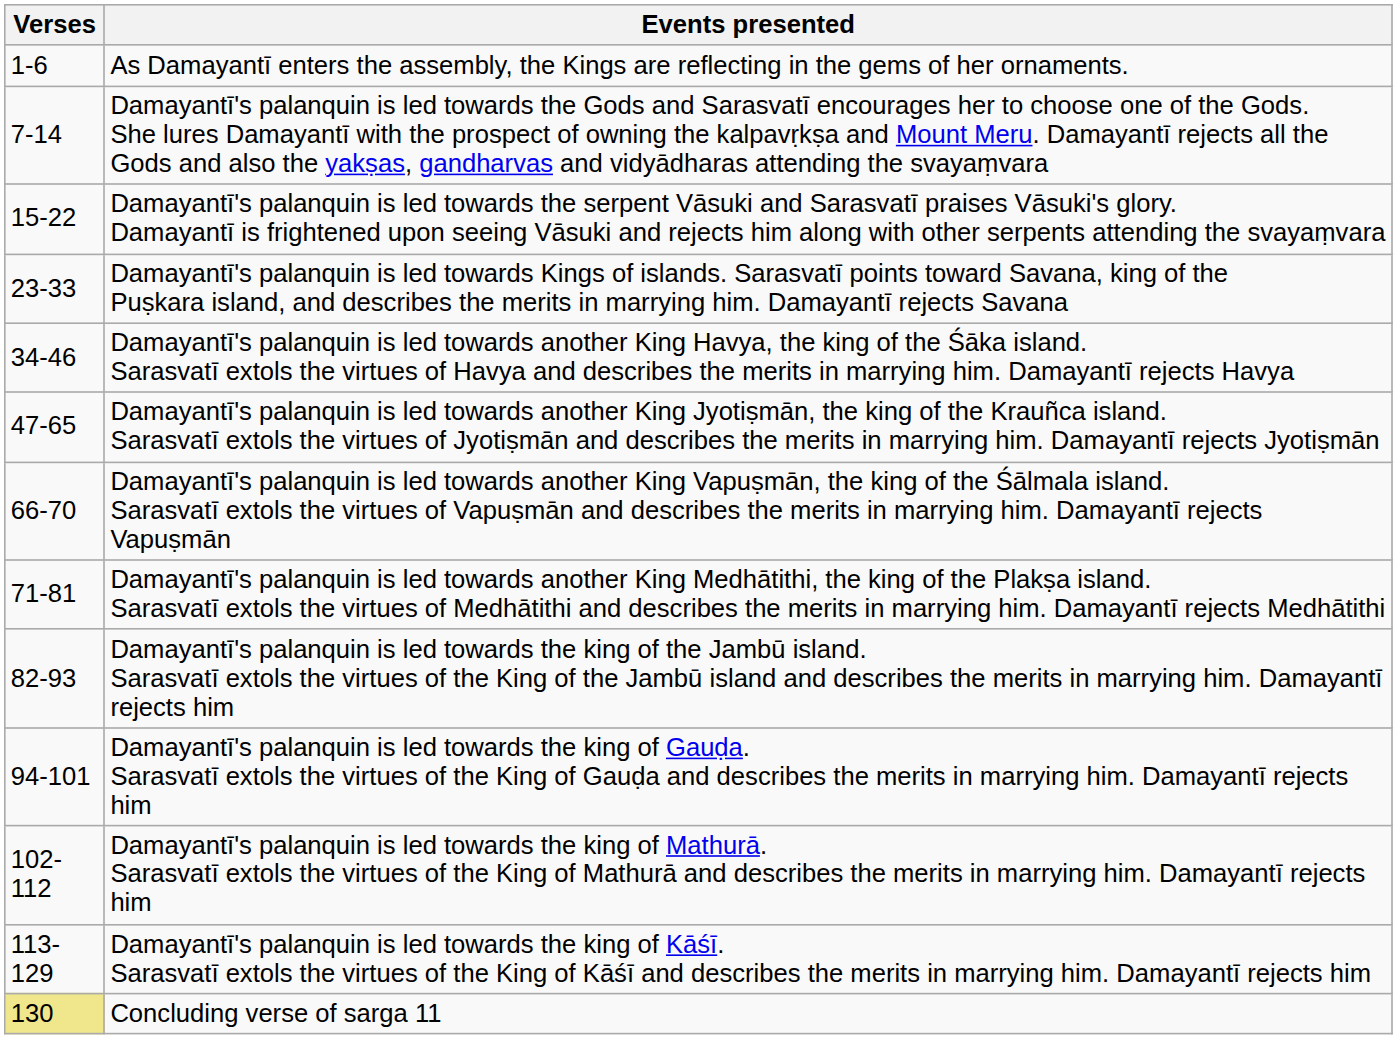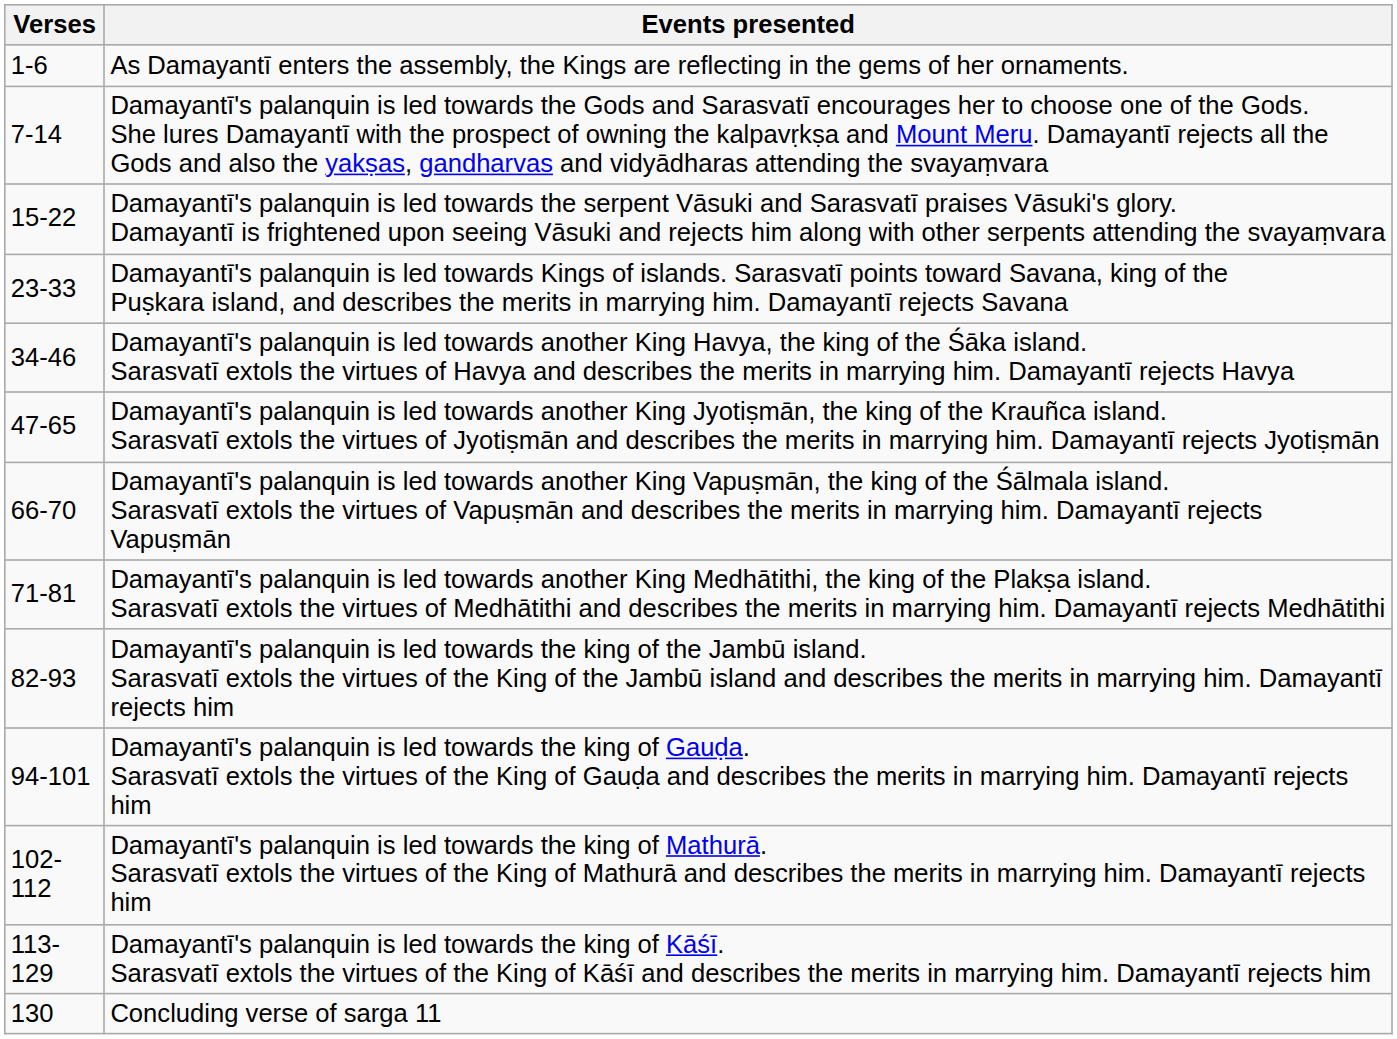 <table class="wikitable">
 <tr>
 <th>Verses</th>
 <th>Events presented</th>
 </tr>
 <tr>
 <td>1-6</td>
 <td>As Damayantī enters the assembly, the Kings are reflecting in the gems of her ornaments.</td>
 </tr>
 <tr>
 <td>7-14</td>
 <td>Damayantī's palanquin is led towards the Gods and Sarasvatī encourages her to choose one of the Gods. <br>She lures Damayantī with the prospect of owning the kalpavṛkṣa and <a href='#'>Mount Meru</a>. Damayantī rejects all the Gods and also the <a href='#'>yakṣas</a>, <a href='#'>gandharvas</a> and vidyādharas attending the svayaṃvara</td>
 </tr>
 <tr>
 <td>15-22</td>
 <td>Damayantī's palanquin is led towards the serpent Vāsuki and Sarasvatī praises Vāsuki's glory. <br> Damayantī is frightened upon seeing Vāsuki and rejects him along with other serpents attending the svayaṃvara</td>
 </tr>
 <tr>
 <td>23-33</td>
 <td>Damayantī's palanquin is led towards Kings of islands. Sarasvatī points toward Savana, king of the <br>Puṣkara island, and describes the merits in marrying him. Damayantī rejects Savana</td>
 </tr>
 <tr>
 <td>34-46</td>
 <td>Damayantī's palanquin is led towards another King Havya, the king of the Śāka island. <br>Sarasvatī extols the virtues of Havya and describes the merits in marrying him. Damayantī rejects Havya</td>
 </tr>
 <tr>
 <td>47-65</td>
 <td>Damayantī's palanquin is led towards another King Jyotiṣmān, the king of the Krauñca island. <br>Sarasvatī extols the virtues of Jyotiṣmān and describes the merits in marrying him. Damayantī rejects Jyotiṣmān</td>
 </tr>
 <tr>
 <td>66-70</td>
 <td>Damayantī's palanquin is led towards another King Vapuṣmān, the king of the Śālmala island. <br>Sarasvatī extols the virtues of Vapuṣmān and describes the merits in marrying him. Damayantī rejects Vapuṣmān</td>
 </tr>
 <tr>
 <td>71-81</td>
 <td>Damayantī's palanquin is led towards another King Medhātithi, the king of the Plakṣa island. <br>Sarasvatī extols the virtues of Medhātithi and describes the merits in marrying him. Damayantī rejects Medhātithi</td>
 </tr>
 <tr>
 <td>82-93</td>
 <td>Damayantī's palanquin is led towards the king of the Jambū island. <br>Sarasvatī extols the virtues of the King of the Jambū island and describes the merits in marrying him. Damayantī rejects him</td>
 </tr>
 <tr>
 <td>94-101</td>
 <td>Damayantī's palanquin is led towards the king of <a href='#'>Gauḍa</a>. <br>Sarasvatī extols the virtues of the King of Gauḍa and describes the merits in marrying him. Damayantī rejects him</td>
 </tr>
 <tr>
 <td>102-112</td>
 <td>Damayantī's palanquin is led towards the king of <a href='#'>Mathurā</a>. <br>Sarasvatī extols the virtues of the King of Mathurā and describes the merits in marrying him. Damayantī rejects him</td>
 </tr>
 <tr>
 <td>113-129</td>
 <td>Damayantī's palanquin is led towards the king of <a href='#'>Kāśī</a>. <br>Sarasvatī extols the virtues of the King of Kāśī and describes the merits in marrying him. Damayantī rejects him</td>
 </tr>
 <tr>
-<td style="background: khaki;">130</td>
+<td>130</td>
 <td>Concluding verse of sarga 11</td>
 </tr>
 </table>
